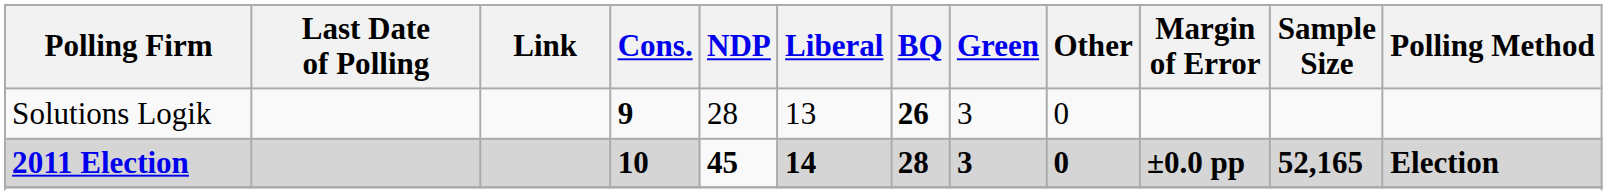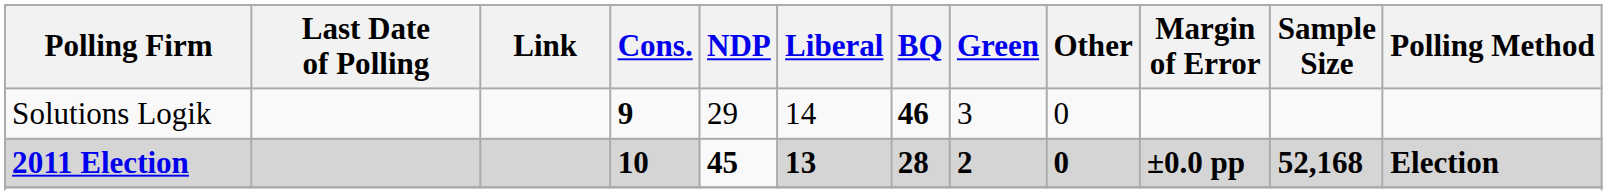 <table class="wikitable sortable">
 <tr style="background:#e9e9e9;">
 <th style="width:120px">Polling Firm</th>
 <th style="width:110px">Last Date<br>of Polling</th>
 <th style="width:60px" class="unsortable">Link</th>
 <th style="background-color:"><strong><a href='#'>Cons.</a></strong></th>
 <th style="background-color:"><strong><a href='#'>NDP</a></strong></th>
 <th style="background-color:"><strong><a href='#'>Liberal</a></strong></th>
 <th style="background-color:"><strong><a href='#'>BQ</a></strong></th>
 <th style="background-color:"><strong><a href='#'>Green</a></strong></th>
 <th style="background-color:"><strong>Other</strong></th>
 <th style="width:60px;" class=unsortable>Margin<br>of Error</th>
 <th style="width:50px;" class=unsortable>Sample<br>Size</th>
 <th class=unsortable>Polling Method</th>
 </tr>
 <tr>
 <td>Solutions Logik</td>
 <td></td>
 <td></td>
 <td><strong>9</strong></td>
-<td>28</td>
-<td>13</td>
-<td><strong>26</strong></td>
+<td>29</td>
+<td>14</td>
+<td><strong>46</strong></td>
 <td>3</td>
 <td>0</td>
 <td></td>
 <td></td>
 <td></td>
 </tr>
 <tr>
 <td style="background:#D5D5D5"><strong><a href='#'>2011 Election</a></strong></td>
 <td style="background:#D5D5D5"><strong></strong></td>
 <td style="background:#D5D5D5"></td>
 <td style="background:#D5D5D5"><strong>10</strong></td>
 <td><strong>45</strong></td>
-<td style="background:#D5D5D5"><strong>14</strong></td>
+<td style="background:#D5D5D5"><strong>13</strong></td>
 <td style="background:#D5D5D5"><strong>28</strong></td>
-<td style="background:#D5D5D5"><strong>3</strong></td>
+<td style="background:#D5D5D5"><strong>2</strong></td>
 <td style="background:#D5D5D5"><strong>0</strong></td>
 <td style="background:#D5D5D5"><strong>±0.0 pp</strong></td>
-<td style="background:#D5D5D5"><strong>52,165</strong></td>
+<td style="background:#D5D5D5"><strong>52,168</strong></td>
 <td style="background:#D5D5D5"><strong>Election</strong></td>
 </tr>
 <tr>
 </tr>
 <tr>
 </tr>
 </table>
